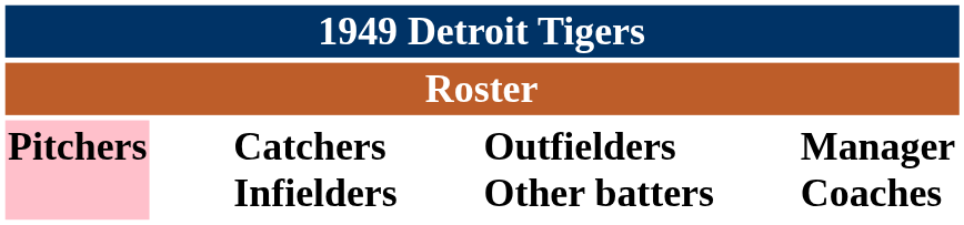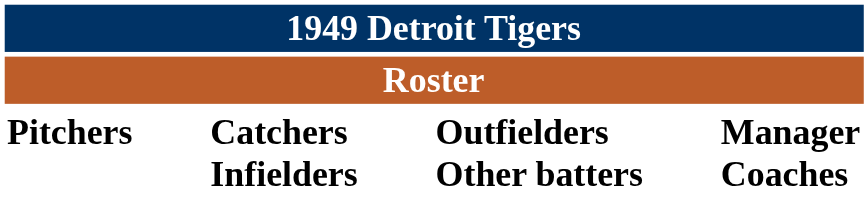 <table class="toccolours" style="font-size: 95%;">
 <tr>
 <th colspan="10" style="background-color: #003366; color: white; text-align: center;">1949 Detroit Tigers</th>
 </tr>
 <tr>
 <td colspan="10" style="background-color: #bd5d29; color: white; text-align: center;"><strong>Roster</strong></td>
 </tr>
 <tr>
-<td valign="top" style="background: pink;"><strong>Pitchers</strong><br>           </td>
+<td valign="top"><strong>Pitchers</strong><br>           </td>
 <td width="25px"></td>
 <td valign="top"><strong>Catchers</strong><br>   <strong>Infielders</strong>       </td>
 <td width="25px"></td>
 <td valign="top"><strong>Outfielders</strong><br>     <strong>Other batters</strong>    </td>
 <td width="25px"></td>
 <td valign="top"><strong>Manager</strong><br> <strong>Coaches</strong>  </td>
 </tr>
 </table>
